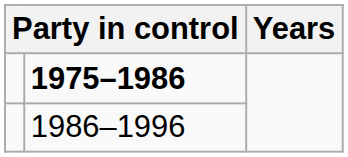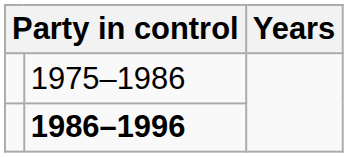 <table class="wikitable">
 <tr>
 <th colspan="2">Party in control</th>
 <th>Years</th>
 </tr>
 <tr>
 <td></td>
-<td><strong>1975–1986</strong></td>
+<td>1975–1986</td>
 </tr>
 <tr>
 <td></td>
-<td>1986–1996</td>
+<td><strong>1986–1996</strong></td>
 </tr>
 </table>
